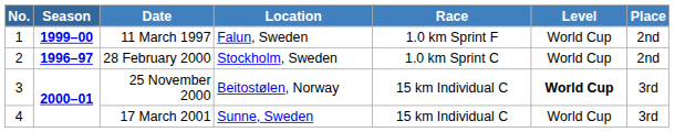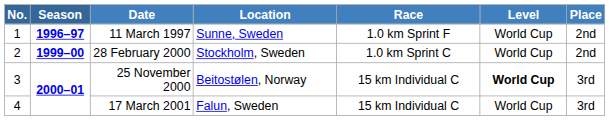 <table class="wikitable sortable" style="font-size:95%; text-align:center; border:grey solid 1px; border-collapse:collapse; background:#ffffff;">
 <tr style="background:#efefef;">
 <th style="background-color:#369; color:white;">No.</th>
 <th style="background-color:#369; color:white;">Season</th>
 <th style="background-color:#4180be; color:white; width:120px;">Date</th>
 <th style="background-color:#4180be; color:white; width:170px;">Location</th>
 <th style="background-color:#4180be; color:white; width:170px;">Race</th>
 <th style="background-color:#4180be; color:white; width:100px;">Level</th>
 <th style="background-color:#4180be; color:white;">Place</th>
 </tr>
 <tr>
 <td align=center>1</td>
-<td rowspan=1 align=center><strong> <a href='#'>1999–00</a> </strong></td>
+<td rowspan=1 align=center><strong> <a href='#'>1996–97</a> </strong></td>
 <td align=right>11 March 1997</td>
-<td align=left> <a href='#'>Falun</a>, Sweden</td>
+<td align=left> <a href='#'>Sunne, Sweden</a></td>
 <td>1.0 km Sprint F</td>
 <td>World Cup</td>
 <td>2nd</td>
 </tr>
 <tr>
 <td align=center>2</td>
-<td rowspan=1 align=center><strong> <a href='#'>1996–97</a> </strong></td>
+<td rowspan=1 align=center><strong> <a href='#'>1999–00</a> </strong></td>
 <td align=right>28 February 2000</td>
 <td align=left> <a href='#'>Stockholm</a>, Sweden</td>
 <td>1.0 km Sprint C</td>
 <td>World Cup</td>
 <td>2nd</td>
 </tr>
 <tr>
 <td align=center>3</td>
 <td rowspan=2 align=center><strong> <a href='#'>2000–01</a> </strong></td>
 <td align=right>25 November 2000</td>
 <td align=left> <a href='#'>Beitostølen</a>, Norway</td>
 <td>15 km Individual C</td>
 <td><strong>World Cup</strong></td>
 <td>3rd</td>
 </tr>
 <tr>
 <td align=center>4</td>
 <td align=right>17 March 2001</td>
-<td align=left> <a href='#'>Sunne, Sweden</a></td>
+<td align=left> <a href='#'>Falun</a>, Sweden</td>
 <td>15 km Individual C</td>
 <td>World Cup</td>
 <td>3rd</td>
 </tr>
 </table>
